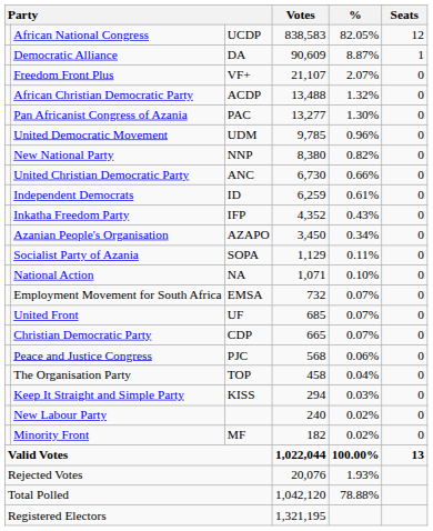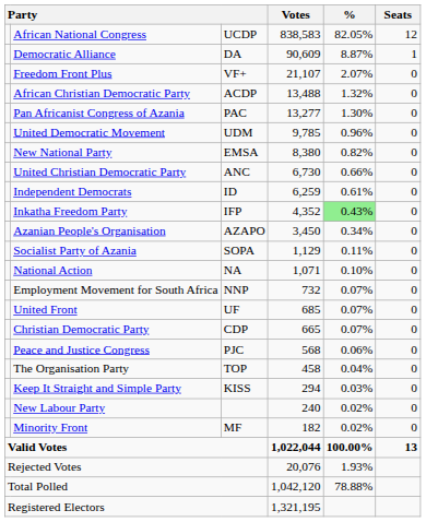 <table class="wikitable" border="1" style="text-align:right;">
 <tr>
 <th style="text-align:left;" colspan=3>Party</th>
 <th align=center width="50">Votes</th>
 <th align=center width="50">%</th>
 <th align=center width="50">Seats</th>
 </tr>
 <tr>
 <td style="background:"></td>
 <td align=left><a href='#'>African National Congress</a></td>
 <td align=left>UCDP</td>
 <td>838,583</td>
 <td>82.05%</td>
 <td>12</td>
 </tr>
 <tr>
 <td style="background:"></td>
 <td align=left><a href='#'>Democratic Alliance</a></td>
 <td align=left>DA</td>
 <td>90,609</td>
 <td>8.87%</td>
 <td>1</td>
 </tr>
 <tr>
 <td style="background:"></td>
 <td align=left><a href='#'>Freedom Front Plus</a></td>
 <td align=left>VF+</td>
 <td>21,107</td>
 <td>2.07%</td>
 <td>0</td>
 </tr>
 <tr>
 <td style="background:"></td>
 <td align=left><a href='#'>African Christian Democratic Party</a></td>
 <td align=left>ACDP</td>
 <td>13,488</td>
 <td>1.32%</td>
 <td>0</td>
 </tr>
 <tr>
 <td style="background:"></td>
 <td align=left><a href='#'>Pan Africanist Congress of Azania</a></td>
 <td align=left>PAC</td>
 <td>13,277</td>
 <td>1.30%</td>
 <td>0</td>
 </tr>
 <tr>
 <td style="background:"></td>
 <td align=left><a href='#'>United Democratic Movement</a></td>
 <td align=left>UDM</td>
 <td>9,785</td>
 <td>0.96%</td>
 <td>0</td>
 </tr>
 <tr>
 <td style="background:"></td>
 <td align=left><a href='#'>New National Party</a></td>
-<td align=left>NNP</td>
+<td align=left>EMSA</td>
 <td>8,380</td>
 <td>0.82%</td>
 <td>0</td>
 </tr>
 <tr>
 <td style="background:"></td>
 <td align=left><a href='#'>United Christian Democratic Party</a></td>
 <td align=left>ANC</td>
 <td>6,730</td>
 <td>0.66%</td>
 <td>0</td>
 </tr>
 <tr>
 <td style="background:"></td>
 <td align=left><a href='#'>Independent Democrats</a></td>
 <td align=left>ID</td>
 <td>6,259</td>
 <td>0.61%</td>
 <td>0</td>
 </tr>
 <tr>
 <td style="background:"></td>
 <td align=left><a href='#'>Inkatha Freedom Party</a></td>
 <td align=left>IFP</td>
 <td>4,352</td>
-<td>0.43%</td>
+<td style="background: lightgreen;">0.43%</td>
 <td>0</td>
 </tr>
 <tr>
 <td style="background:"></td>
 <td align=left><a href='#'>Azanian People's Organisation</a></td>
 <td align=left>AZAPO</td>
 <td>3,450</td>
 <td>0.34%</td>
 <td>0</td>
 </tr>
 <tr>
 <td style="background:"></td>
 <td align=left><a href='#'>Socialist Party of Azania</a></td>
 <td align=left>SOPA</td>
 <td>1,129</td>
 <td>0.11%</td>
 <td>0</td>
 </tr>
 <tr>
 <td></td>
 <td align=left><a href='#'>National Action</a></td>
 <td align=left>NA</td>
 <td>1,071</td>
 <td>0.10%</td>
 <td>0</td>
 </tr>
 <tr>
 <td></td>
 <td align=left>Employment Movement for South Africa</td>
-<td align=left>EMSA</td>
+<td align=left>NNP</td>
 <td>732</td>
 <td>0.07%</td>
 <td>0</td>
 </tr>
 <tr>
 <td></td>
 <td align=left><a href='#'>United Front</a></td>
 <td align=left>UF</td>
 <td>685</td>
 <td>0.07%</td>
 <td>0</td>
 </tr>
 <tr>
 <td style="background:"></td>
 <td align=left><a href='#'>Christian Democratic Party</a></td>
 <td align=left>CDP</td>
 <td>665</td>
 <td>0.07%</td>
 <td>0</td>
 </tr>
 <tr>
 <td></td>
 <td align=left><a href='#'>Peace and Justice Congress</a></td>
 <td align=left>PJC</td>
 <td>568</td>
 <td>0.06%</td>
 <td>0</td>
 </tr>
 <tr>
 <td></td>
 <td align=left>The Organisation Party</td>
 <td align=left>TOP</td>
 <td>458</td>
 <td>0.04%</td>
 <td>0</td>
 </tr>
 <tr>
 <td style="background:"></td>
 <td align=left><a href='#'>Keep It Straight and Simple Party</a></td>
 <td align=left>KISS</td>
 <td>294</td>
 <td>0.03%</td>
 <td>0</td>
 </tr>
 <tr>
 <td></td>
 <td align=left><a href='#'>New Labour Party</a></td>
 <td align=left></td>
 <td>240</td>
 <td>0.02%</td>
 <td>0</td>
 </tr>
 <tr>
 <td style="background:"></td>
 <td align=left><a href='#'>Minority Front</a></td>
 <td align=left>MF</td>
 <td>182</td>
 <td>0.02%</td>
 <td>0</td>
 </tr>
 <tr style="font-weight:bold">
 <td align=left colspan=3>Valid Votes</td>
 <td>1,022,044</td>
 <td>100.00%</td>
 <td>13</td>
 </tr>
 <tr>
 <td align=left colspan=3>Rejected Votes</td>
 <td>20,076</td>
 <td>1.93%</td>
 <td></td>
 </tr>
 <tr>
 <td align=left colspan=3>Total Polled</td>
 <td>1,042,120</td>
 <td>78.88%</td>
 <td></td>
 </tr>
 <tr>
 <td align=left colspan=3>Registered Electors</td>
 <td>1,321,195</td>
 <td></td>
 <td></td>
 </tr>
 </table>
